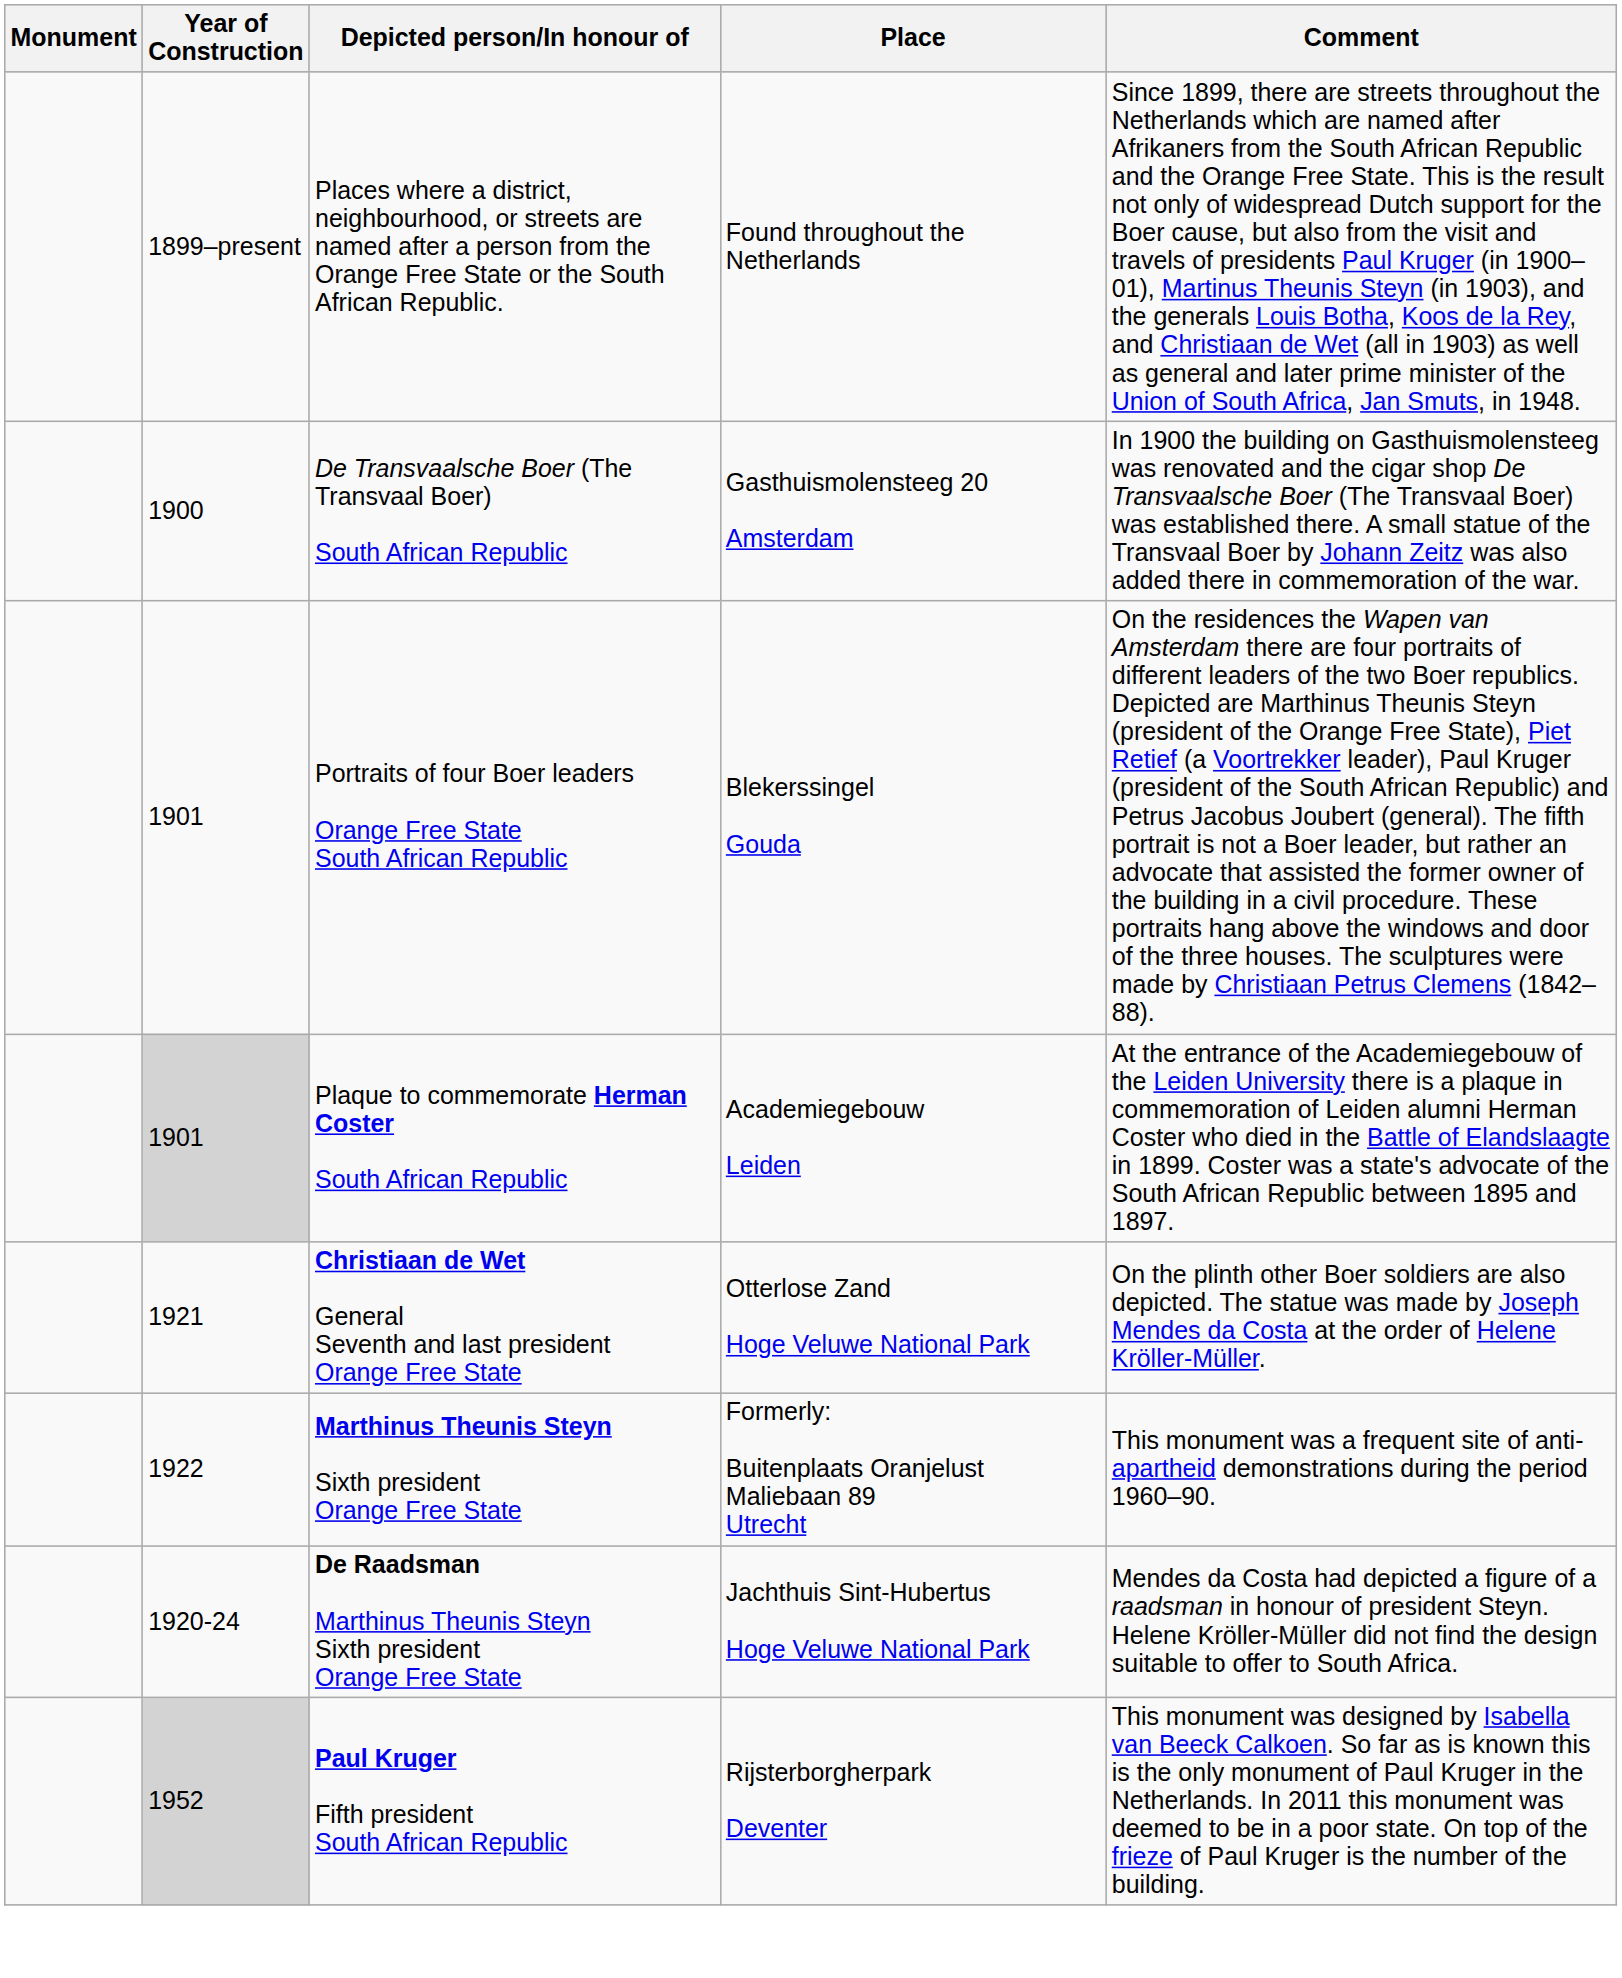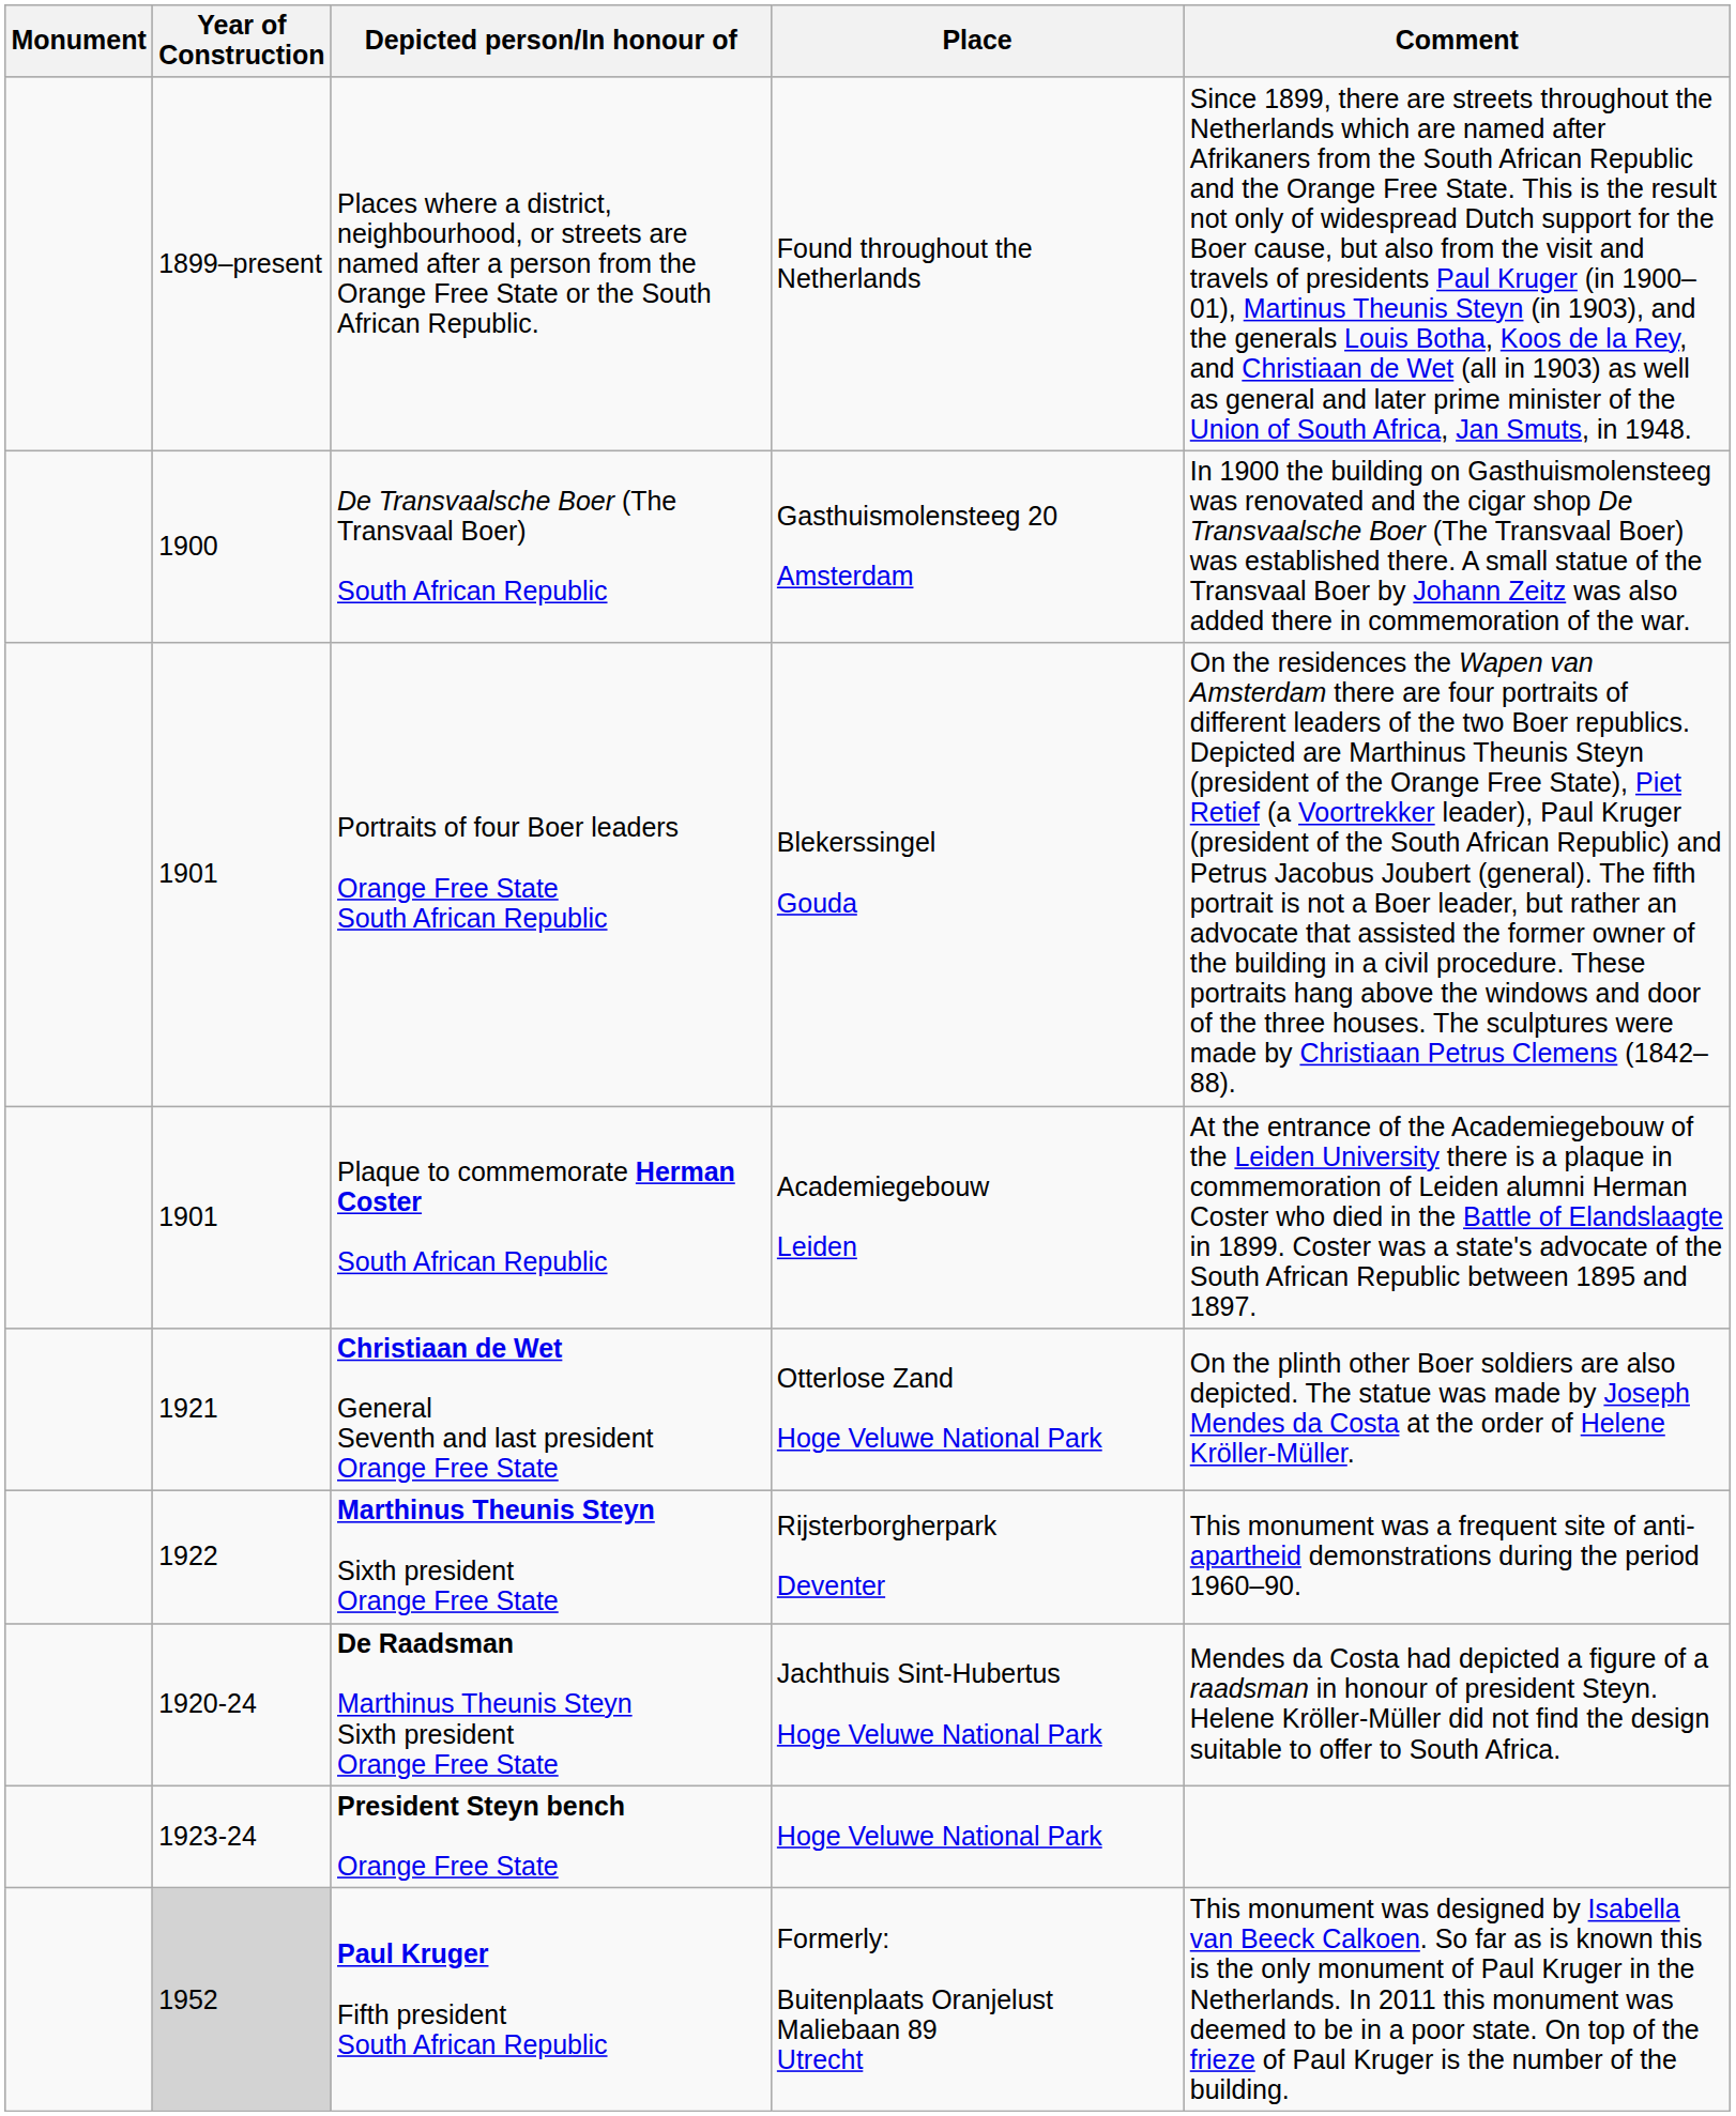 <table class="wikitable">
 <tr>
 <th style="width:3em;">Monument</th>
 <th style="width:3em;">Year of Construction</th>
 <th style="width:16em;">Depicted person/In honour of</th>
 <th style="width:15em;">Place</th>
 <th style="width:20em;">Comment</th>
 </tr>
 <tr>
 <td></td>
 <td>1899–present</td>
 <td>Places where a district, neighbourhood, or streets are named after a person from the Orange Free State or the South African Republic.</td>
 <td>Found throughout the Netherlands</td>
 <td>Since 1899, there are streets throughout the Netherlands which are named after Afrikaners from the South African Republic and the Orange Free State. This is the result not only of widespread Dutch support for the Boer cause, but also from the visit and travels of presidents <a href='#'>Paul Kruger</a> (in 1900–01), <a href='#'>Martinus Theunis Steyn</a> (in 1903), and the generals <a href='#'>Louis Botha</a>, <a href='#'>Koos de la Rey</a>, and <a href='#'>Christiaan de Wet</a> (all in 1903) as well as general and later prime minister of the <a href='#'>Union of South Africa</a>, <a href='#'>Jan Smuts</a>, in 1948.</td>
 </tr>
 <tr>
 <td></td>
 <td>1900</td>
 <td><em>De Transvaalsche Boer</em> (The Transvaal Boer) <br><br> <a href='#'>South African Republic</a></td>
 <td>Gasthuismolensteeg 20 <br><br><a href='#'>Amsterdam</a></td>
 <td>In 1900 the building on Gasthuismolensteeg was renovated and the cigar shop <em>De Transvaalsche Boer</em> (The Transvaal Boer) was established there. A small statue of the Transvaal Boer by <a href='#'>Johann Zeitz</a> was also added there in commemoration of the war.</td>
 </tr>
 <tr>
 <td></td>
 <td>1901</td>
 <td>Portraits of four Boer leaders <br><br> <a href='#'>Orange Free State</a> <br>   <a href='#'>South African Republic</a></td>
 <td>Blekerssingel <br><br><a href='#'>Gouda</a></td>
 <td>On the residences the <em>Wapen van Amsterdam</em> there are four portraits of different leaders of the two Boer republics. Depicted are Marthinus Theunis Steyn (president of the Orange Free State), <a href='#'>Piet Retief</a> (a <a href='#'>Voortrekker</a> leader), Paul Kruger (president of the South African Republic) and Petrus Jacobus Joubert (general). The fifth portrait is not a Boer leader, but rather an advocate that assisted the former owner of the building in a civil procedure. These portraits hang above the windows and door of the three houses. The sculptures were made by <a href='#'>Christiaan Petrus Clemens</a> (1842–88).</td>
 </tr>
 <tr>
 <td></td>
-<td style="background: lightgrey;">1901</td>
+<td>1901</td>
 <td>Plaque to commemorate <strong><a href='#'>Herman Coster</a></strong> <br><br> <a href='#'>South African Republic</a> <br>  </td>
 <td>Academiegebouw <br><br><a href='#'>Leiden</a></td>
 <td>At the entrance of the Academiegebouw of the <a href='#'>Leiden University</a> there is a plaque in commemoration of Leiden alumni Herman Coster who died in the <a href='#'>Battle of Elandslaagte</a> in 1899. Coster was a state's advocate of the South African Republic between 1895 and 1897.</td>
 </tr>
 <tr>
 <td></td>
 <td>1921</td>
 <td><strong><a href='#'>Christiaan de Wet</a></strong> <br><br>General <br> Seventh and last president <br>   <a href='#'>Orange Free State</a></td>
 <td>Otterlose Zand <br><br><a href='#'>Hoge Veluwe National Park</a></td>
 <td>On the plinth other Boer soldiers are also depicted. The statue was made by <a href='#'>Joseph Mendes da Costa</a> at the order of <a href='#'>Helene Kröller-Müller</a>.</td>
 </tr>
 <tr>
 <td></td>
 <td>1922</td>
 <td><strong><a href='#'>Marthinus Theunis Steyn</a></strong> <br><br>Sixth president <br>   <a href='#'>Orange Free State</a></td>
-<td>Formerly: <br><br>Buitenplaats Oranjelust <br>  Maliebaan 89 <br>  <a href='#'>Utrecht</a></td>
+<td>Rijsterborgherpark <br><br><a href='#'>Deventer</a></td>
 <td>This monument was a frequent site of anti-<a href='#'>apartheid</a> demonstrations during the period 1960–90.</td>
 </tr>
 <tr>
 <td></td>
 <td>1920-24</td>
 <td><strong>De Raadsman</strong> <br><br><a href='#'>Marthinus Theunis Steyn</a> <br> Sixth president <br>   <a href='#'>Orange Free State</a></td>
 <td>Jachthuis Sint-Hubertus <br><br><a href='#'>Hoge Veluwe National Park</a></td>
 <td>Mendes da Costa had depicted a figure of a <em>raadsman</em> in honour of president Steyn. Helene Kröller-Müller did not find the design suitable to offer to South Africa.</td>
 </tr>
 <tr>
 <td></td>
+<td>1923-24</td>
+<td><strong>President Steyn bench</strong><br><br> <a href='#'>Orange Free State</a></td>
+<td><a href='#'>Hoge Veluwe National Park</a></td>
+<td></td>
+</tr>
+<tr>
+<td></td>
 <td style="background: lightgrey;">1952</td>
 <td><strong><a href='#'>Paul Kruger</a></strong> <br><br>Fifth president <br>   <a href='#'>South African Republic</a></td>
-<td>Rijsterborgherpark <br><br><a href='#'>Deventer</a></td>
+<td>Formerly: <br><br>Buitenplaats Oranjelust <br>  Maliebaan 89 <br>  <a href='#'>Utrecht</a></td>
 <td>This monument was designed by <a href='#'>Isabella van Beeck Calkoen</a>. So far as is known this is the only monument of Paul Kruger in the Netherlands. In 2011 this monument was deemed to be in a poor state. On top of the <a href='#'>frieze</a> of Paul Kruger is the number of the building.</td>
 </tr>
 </table>
